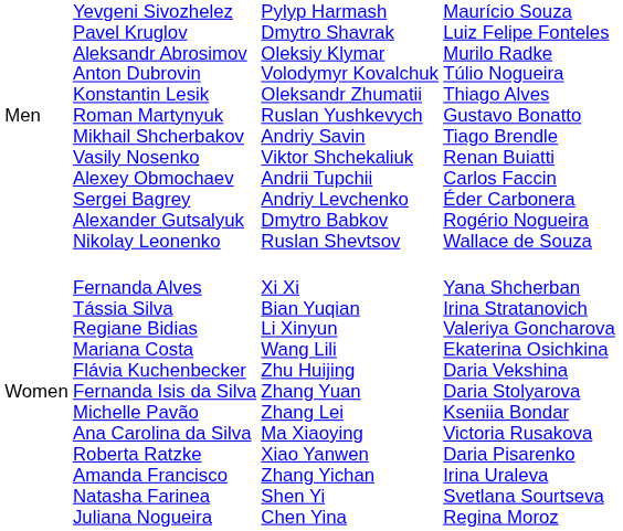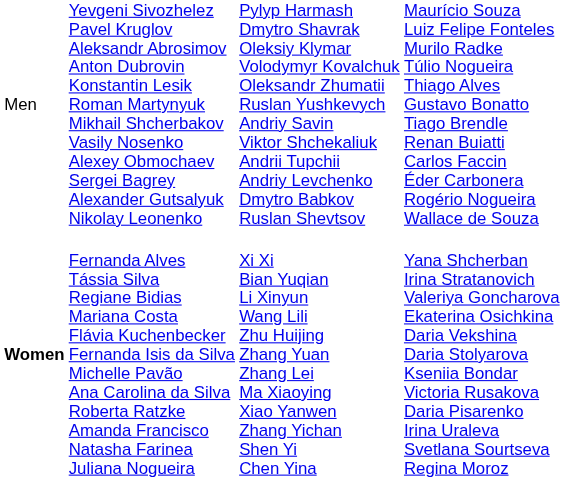 <table>
 <tr>
 <td>Men<br></td>
 <td><br><a href='#'>Yevgeni Sivozhelez</a><br><a href='#'>Pavel Kruglov</a><br><a href='#'>Aleksandr Abrosimov</a><br><a href='#'>Anton Dubrovin</a><br><a href='#'>Konstantin Lesik</a><br><a href='#'>Roman Martynyuk</a><br><a href='#'>Mikhail Shcherbakov</a><br><a href='#'>Vasily Nosenko</a><br><a href='#'>Alexey Obmochaev</a><br><a href='#'>Sergei Bagrey</a><br><a href='#'>Alexander Gutsalyuk</a><br><a href='#'>Nikolay Leonenko</a></td>
 <td><br><a href='#'>Pylyp Harmash</a><br><a href='#'>Dmytro Shavrak</a><br><a href='#'>Oleksiy Klymar</a><br><a href='#'>Volodymyr Kovalchuk</a><br><a href='#'>Oleksandr Zhumatii</a><br><a href='#'>Ruslan Yushkevych</a><br><a href='#'>Andriy Savin</a><br><a href='#'>Viktor Shchekaliuk</a><br><a href='#'>Andrii Tupchii</a><br><a href='#'>Andriy Levchenko</a><br><a href='#'>Dmytro Babkov</a><br><a href='#'>Ruslan Shevtsov</a></td>
 <td><br><a href='#'>Maurício Souza</a><br><a href='#'>Luiz Felipe Fonteles</a><br><a href='#'>Murilo Radke</a><br><a href='#'>Túlio Nogueira</a><br><a href='#'>Thiago Alves</a><br><a href='#'>Gustavo Bonatto</a><br><a href='#'>Tiago Brendle</a><br><a href='#'>Renan Buiatti</a><br><a href='#'>Carlos Faccin</a><br><a href='#'>Éder Carbonera</a><br><a href='#'>Rogério Nogueira</a><br><a href='#'>Wallace de Souza</a></td>
 </tr>
 <tr>
-<td>Women<br></td>
+<td><strong>Women<br></strong></td>
 <td><br><a href='#'>Fernanda Alves</a><br><a href='#'>Tássia Silva</a><br><a href='#'>Regiane Bidias</a><br><a href='#'>Mariana Costa</a><br><a href='#'>Flávia Kuchenbecker</a><br><a href='#'>Fernanda Isis da Silva</a><br><a href='#'>Michelle Pavão</a><br><a href='#'>Ana Carolina da Silva</a><br><a href='#'>Roberta Ratzke</a><br><a href='#'>Amanda Francisco</a><br><a href='#'>Natasha Farinea</a><br><a href='#'>Juliana Nogueira</a></td>
 <td><br><a href='#'>Xi Xi</a><br><a href='#'>Bian Yuqian</a><br><a href='#'>Li Xinyun</a><br><a href='#'>Wang Lili</a><br><a href='#'>Zhu Huijing</a><br><a href='#'>Zhang Yuan</a><br><a href='#'>Zhang Lei</a><br><a href='#'>Ma Xiaoying</a><br><a href='#'>Xiao Yanwen</a><br><a href='#'>Zhang Yichan</a><br><a href='#'>Shen Yi</a><br><a href='#'>Chen Yina</a></td>
 <td><br><a href='#'>Yana Shcherban</a><br><a href='#'>Irina Stratanovich</a><br><a href='#'>Valeriya Goncharova</a><br><a href='#'>Ekaterina Osichkina</a><br><a href='#'>Daria Vekshina</a><br><a href='#'>Daria Stolyarova</a><br><a href='#'>Kseniia Bondar</a><br><a href='#'>Victoria Rusakova</a><br><a href='#'>Daria Pisarenko</a><br><a href='#'>Irina Uraleva</a><br><a href='#'>Svetlana Sourtseva</a><br><a href='#'>Regina Moroz</a></td>
 </tr>
 </table>
